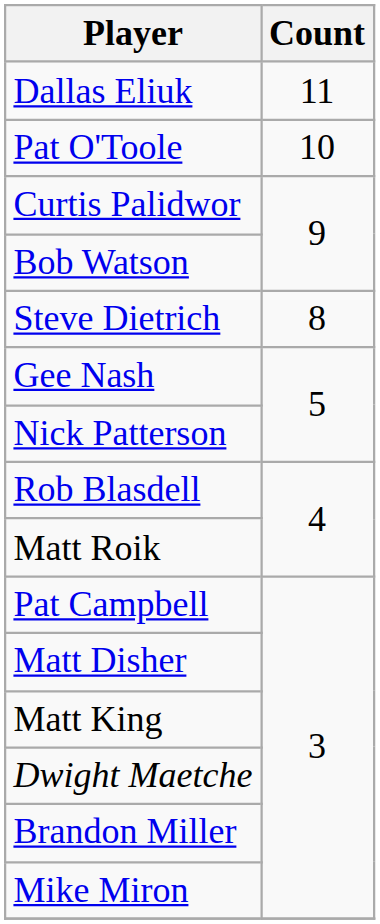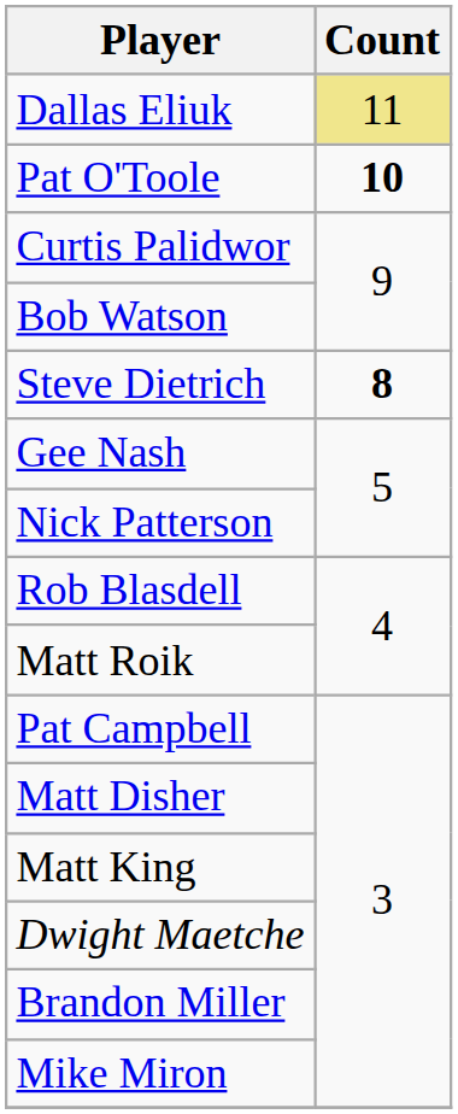 <table class="wikitable">
 <tr>
 <th>Player</th>
 <th>Count</th>
 </tr>
 <tr>
 <td><a href='#'>Dallas Eliuk</a></td>
-<td align="center">11</td>
+<td align="center" style="background: khaki;">11</td>
 </tr>
 <tr>
 <td><a href='#'>Pat O'Toole</a></td>
-<td align="center">10</td>
+<td align="center"><strong>10</strong></td>
 </tr>
 <tr>
 <td><a href='#'>Curtis Palidwor</a></td>
 <td align="center" rowspan="2">9</td>
 </tr>
 <tr>
 <td><a href='#'>Bob Watson</a></td>
 </tr>
 <tr>
 <td><a href='#'>Steve Dietrich</a></td>
-<td align="center">8</td>
+<td align="center"><strong>8</strong></td>
 </tr>
 <tr>
 <td><a href='#'>Gee Nash</a></td>
 <td align="center" rowspan="2">5</td>
 </tr>
 <tr>
 <td><a href='#'>Nick Patterson</a></td>
 </tr>
 <tr>
 <td><a href='#'>Rob Blasdell</a></td>
 <td align="center" rowspan="2">4</td>
 </tr>
 <tr>
 <td>Matt Roik</td>
 </tr>
 <tr>
 <td><a href='#'>Pat Campbell</a></td>
 <td align="center" rowspan="6">3</td>
 </tr>
 <tr>
 <td><a href='#'>Matt Disher</a></td>
 </tr>
 <tr>
 <td>Matt King</td>
 </tr>
 <tr>
 <td><em>Dwight Maetche</em></td>
 </tr>
 <tr>
 <td><a href='#'>Brandon Miller</a></td>
 </tr>
 <tr>
 <td><a href='#'>Mike Miron</a></td>
 </tr>
 <tr>
 </tr>
 </table>
